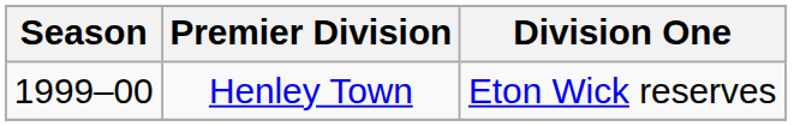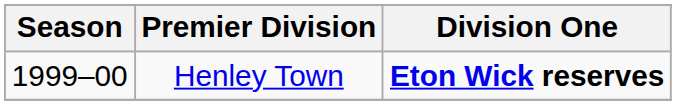 <table class="wikitable" style="text-align: center">
 <tr>
 </tr>
 <tr>
 <th>Season</th>
 <th>Premier Division</th>
 <th>Division One</th>
 </tr>
 <tr>
 <td>1999–00</td>
 <td><a href='#'>Henley Town</a></td>
-<td><a href='#'>Eton Wick</a> reserves</td>
+<td><strong><a href='#'>Eton Wick</a> reserves</strong></td>
 </tr>
 <tr>
 </tr>
 </table>
